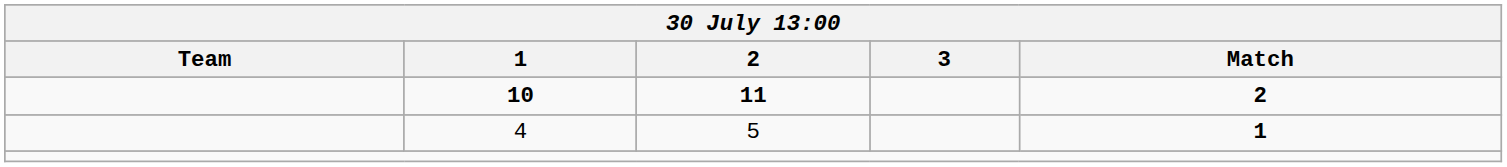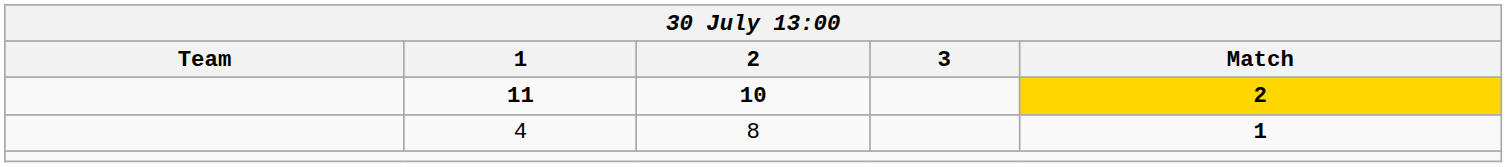 <table class=wikitable style="text-align:center; width: 55%">
 <tr>
 <th colspan=10><em>30 July 13:00</em></th>
 </tr>
 <tr>
 <th>Team</th>
 <th>1</th>
 <th>2</th>
 <th>3</th>
 <th>Match</th>
 </tr>
 <tr>
 <td align=left><strong><br></strong></td>
+<td><strong>11</strong></td>
 <td><strong>10</strong></td>
-<td><strong>11</strong></td>
 <td></td>
-<td><strong>2</strong></td>
+<td style="background: gold;"><strong>2</strong></td>
 </tr>
 <tr>
 <td align=left><br></td>
 <td>4</td>
-<td>5</td>
+<td>8</td>
 <td></td>
 <td><strong>1</strong></td>
 </tr>
 <tr>
 <td colspan=10></td>
 </tr>
 </table>
